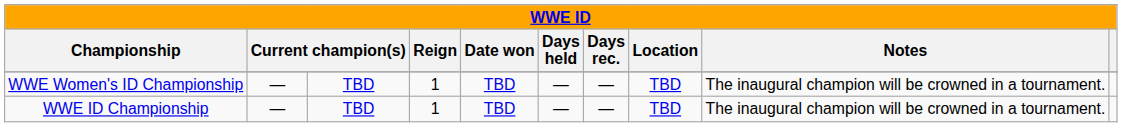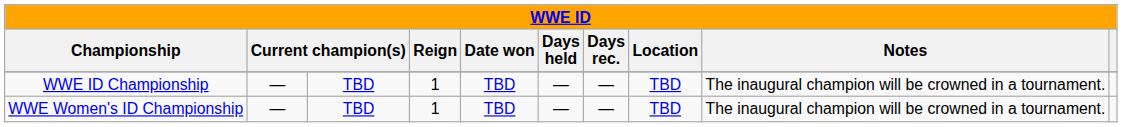 <table class="wikitable" style="font-size:85%;">
 <tr>
 <th colspan="10" style="background:#FFA500"><a href='#'>WWE ID</a></th>
 </tr>
 <tr>
 <th>Championship</th>
 <th colspan="2">Current champion(s)</th>
 <th>Reign</th>
 <th>Date won</th>
 <th>Days<br>held</th>
 <th>Days<br>rec.</th>
 <th>Location</th>
 <th>Notes</th>
 <th></th>
 </tr>
 <tr>
 </tr>
 <tr>
+<td align=center><a href='#'>WWE ID Championship</a></td>
+<td align=center>—</td>
+<td align=center><a href='#'>TBD</a></td>
+<td align=center>1</td>
+<td align=center><a href='#'>TBD</a></td>
+<td align=center>—</td>
+<td align=center>—</td>
+<td align=center><a href='#'>TBD</a></td>
+<td align=left>The inaugural champion will be crowned in a tournament.</td>
+<td align=center></td>
+</tr>
+<tr>
 <td align=center><a href='#'>WWE Women's ID Championship</a></td>
 <td align=center>—</td>
 <td align=center><a href='#'>TBD</a></td>
 <td align=center>1</td>
 <td align=center><a href='#'>TBD</a></td>
 <td align=center>—</td>
 <td align=center>—</td>
 <td align=center><a href='#'>TBD</a></td>
 <td align=left>The inaugural champion will be crowned in a tournament.</td>
 <td align=center></td>
 </tr>
-<tr>
-<td align=center><a href='#'>WWE ID Championship</a></td>
-<td align=center>—</td>
-<td align=center><a href='#'>TBD</a></td>
-<td align=center>1</td>
-<td align=center><a href='#'>TBD</a></td>
-<td align=center>—</td>
-<td align=center>—</td>
-<td align=center><a href='#'>TBD</a></td>
-<td align=left>The inaugural champion will be crowned in a tournament.</td>
-<td align=center></td>
-</tr>
 </table>
